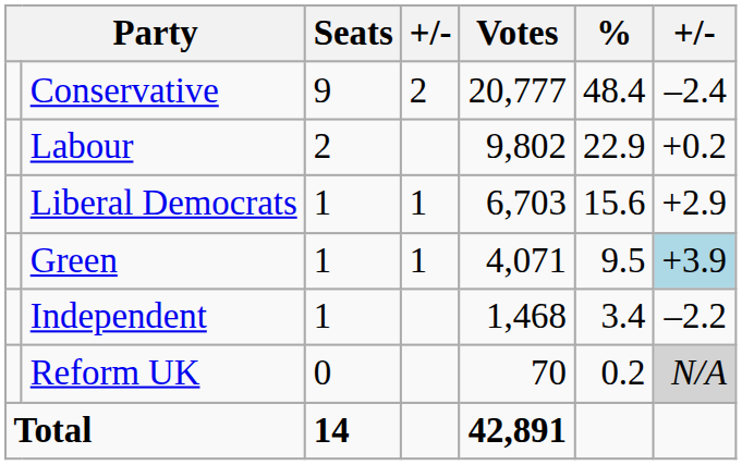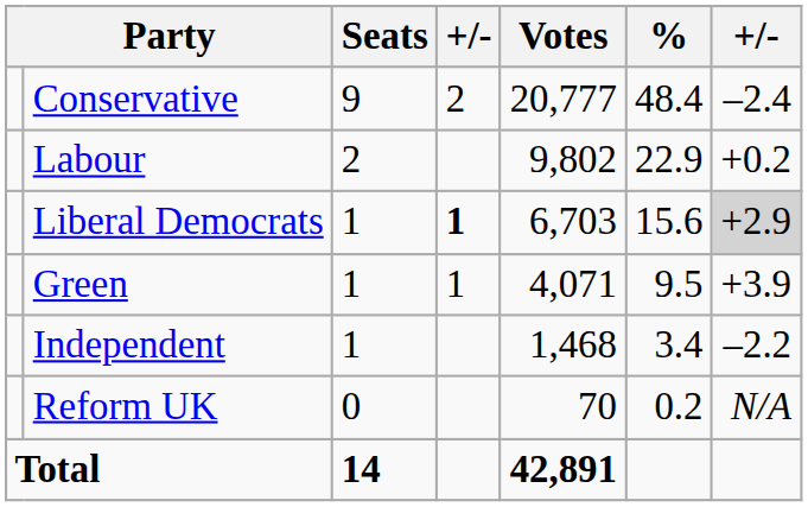 <table class="wikitable sortable">
 <tr>
 <th colspan="2">Party</th>
 <th>Seats</th>
 <th>+/-</th>
 <th>Votes</th>
 <th>%</th>
 <th>+/-</th>
 </tr>
 <tr>
 <td style="background-color: "></td>
 <td><a href='#'>Conservative</a></td>
 <td>9</td>
 <td> 2</td>
 <td style="text-align:right;">20,777</td>
 <td style="text-align:right;">48.4</td>
 <td style="text-align:right;">–2.4</td>
 </tr>
 <tr>
 <td style="background-color: "></td>
 <td><a href='#'>Labour</a></td>
 <td>2</td>
 <td></td>
 <td style="text-align:right;">9,802</td>
 <td style="text-align:right;">22.9</td>
 <td style="text-align:right;">+0.2</td>
 </tr>
 <tr>
 <td style="background-color: "></td>
 <td><a href='#'>Liberal Democrats</a></td>
 <td>1</td>
-<td> 1</td>
+<td><strong> 1</strong></td>
 <td style="text-align:right;">6,703</td>
 <td style="text-align:right;">15.6</td>
-<td style="text-align:right;">+2.9</td>
+<td style="background: lightgrey; text-align:right;">+2.9</td>
 </tr>
 <tr>
 <td style="background-color: "></td>
 <td><a href='#'>Green</a></td>
 <td>1</td>
 <td> 1</td>
 <td style="text-align:right;">4,071</td>
 <td style="text-align:right;">9.5</td>
-<td style="background: lightblue; text-align:right;">+3.9</td>
+<td style="text-align:right;">+3.9</td>
 </tr>
 <tr>
 <td style="background-color: "></td>
 <td><a href='#'>Independent</a></td>
 <td>1</td>
 <td></td>
 <td style="text-align:right;">1,468</td>
 <td style="text-align:right;">3.4</td>
 <td style="text-align:right;">–2.2</td>
 </tr>
 <tr>
 <td style="background-color: "></td>
 <td><a href='#'>Reform UK</a></td>
 <td>0</td>
 <td></td>
 <td style="text-align:right;">70</td>
 <td style="text-align:right;">0.2</td>
-<td style="background: lightgrey; text-align:right;"><em>N/A</em></td>
+<td style="text-align:right;"><em>N/A</em></td>
 </tr>
 <tr>
 <td colspan="2"><strong>Total</strong></td>
 <td><strong>14</strong></td>
 <td></td>
 <td style="text-align:right;"><strong>42,891</strong></td>
 <td style="text-align:right;"></td>
 <td style="text-align:right;"></td>
 </tr>
 </table>
